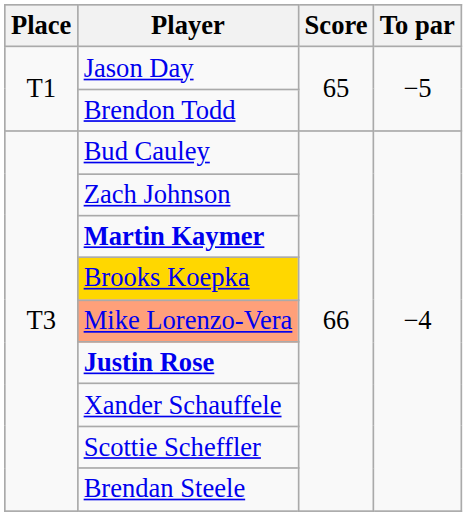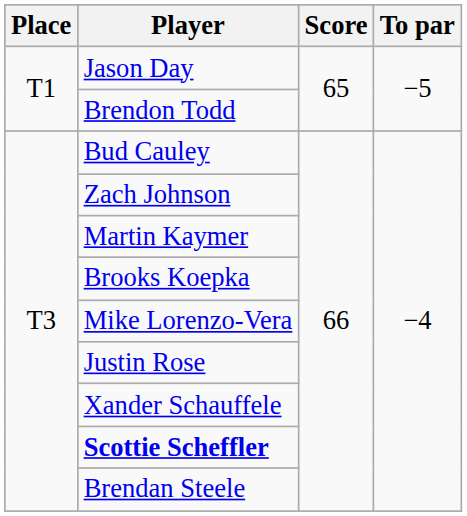 <table class="wikitable">
 <tr>
 <th>Place</th>
 <th>Player</th>
 <th>Score</th>
 <th>To par</th>
 </tr>
 <tr>
 <td rowspan=2 align=center>T1</td>
 <td> <a href='#'>Jason Day</a></td>
 <td rowspan=2 align=center>65</td>
 <td rowspan=2 align=center>−5</td>
 </tr>
 <tr>
 <td> <a href='#'>Brendon Todd</a></td>
 </tr>
 <tr>
 <td rowspan=9 align=center>T3</td>
 <td> <a href='#'>Bud Cauley</a></td>
 <td rowspan=9 align=center>66</td>
 <td rowspan=9 align=center>−4</td>
 </tr>
 <tr>
 <td> <a href='#'>Zach Johnson</a></td>
 </tr>
 <tr>
-<td><strong> <a href='#'>Martin Kaymer</a></strong></td>
+<td> <a href='#'>Martin Kaymer</a></td>
 </tr>
 <tr>
-<td style="background: gold;"> <a href='#'>Brooks Koepka</a></td>
+<td> <a href='#'>Brooks Koepka</a></td>
 </tr>
 <tr>
-<td style="background: lightsalmon;"> <a href='#'>Mike Lorenzo-Vera</a></td>
+<td> <a href='#'>Mike Lorenzo-Vera</a></td>
 </tr>
 <tr>
-<td><strong> <a href='#'>Justin Rose</a></strong></td>
+<td> <a href='#'>Justin Rose</a></td>
 </tr>
 <tr>
 <td> <a href='#'>Xander Schauffele</a></td>
 </tr>
 <tr>
-<td> <a href='#'>Scottie Scheffler</a></td>
+<td><strong> <a href='#'>Scottie Scheffler</a></strong></td>
 </tr>
 <tr>
 <td> <a href='#'>Brendan Steele</a></td>
 </tr>
 </table>
